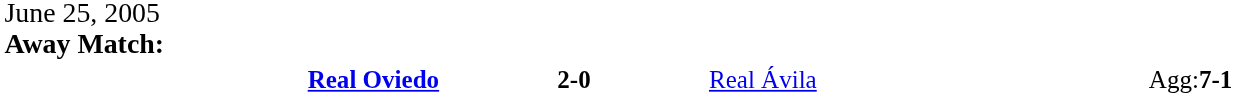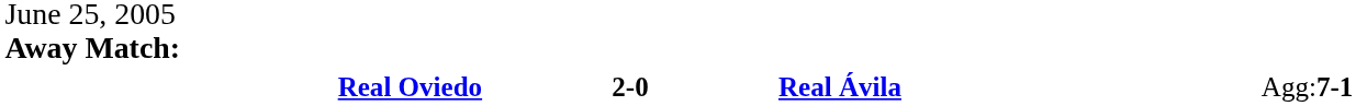 <table width=100% cellspacing=1>
 <tr>
 <th width=20%></th>
 <th width=12%></th>
 <th width=20%></th>
 <th></th>
 </tr>
 <tr>
 <td>June 25, 2005<br><strong>Away Match:</strong></td>
 </tr>
 <tr style=font-size:90%>
 <td align=right><strong><a href='#'>Real Oviedo</a></strong></td>
 <td align=center><strong>2-0</strong></td>
-<td><a href='#'>Real Ávila</a></td>
+<td><strong><a href='#'>Real Ávila</a></strong></td>
 <td>Agg:<strong>7-1</strong></td>
 </tr>
 </table>
